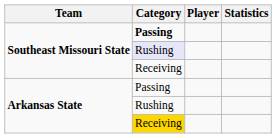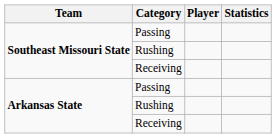 <table class="wikitable" style="float: right;">
 <tr>
 <th>Team</th>
 <th>Category</th>
 <th>Player</th>
 <th>Statistics</th>
 </tr>
 <tr>
 <td rowspan=3><strong>Southeast Missouri State</strong></td>
-<td><strong>Passing</strong></td>
+<td>Passing</td>
 <td></td>
 <td></td>
 </tr>
 <tr>
-<td style="background: lavender;">Rushing</td>
+<td>Rushing</td>
 <td></td>
 <td></td>
 </tr>
 <tr>
 <td>Receiving</td>
 <td></td>
 <td></td>
 </tr>
 <tr>
 <td rowspan=3><strong>Arkansas State</strong></td>
 <td>Passing</td>
 <td></td>
 <td></td>
 </tr>
 <tr>
 <td>Rushing</td>
 <td></td>
 <td></td>
 </tr>
 <tr>
-<td style="background: gold;">Receiving</td>
+<td>Receiving</td>
 <td></td>
 <td></td>
 </tr>
 </table>
